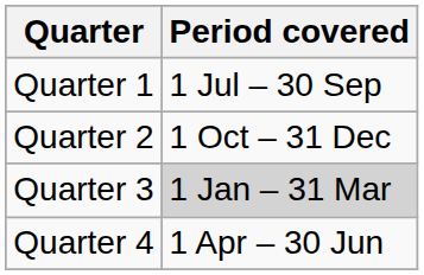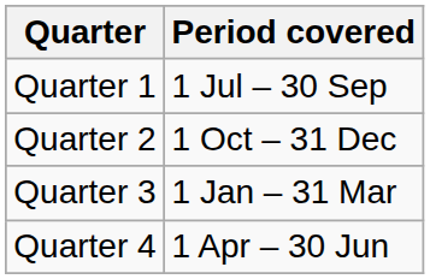 <table class="wikitable">
 <tr>
 <th>Quarter</th>
 <th>Period covered</th>
 </tr>
 <tr>
 <td>Quarter 1</td>
 <td>1 Jul – 30 Sep</td>
 </tr>
 <tr>
 <td>Quarter 2</td>
 <td>1 Oct – 31 Dec</td>
 </tr>
 <tr>
 <td>Quarter 3</td>
-<td style="background: lightgrey;">1 Jan – 31 Mar</td>
+<td>1 Jan – 31 Mar</td>
 </tr>
 <tr>
 <td>Quarter 4</td>
 <td>1 Apr – 30 Jun</td>
 </tr>
 </table>
